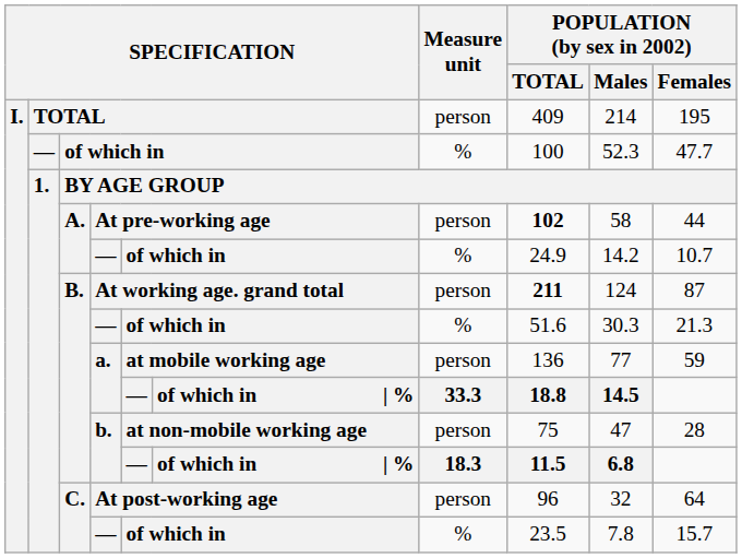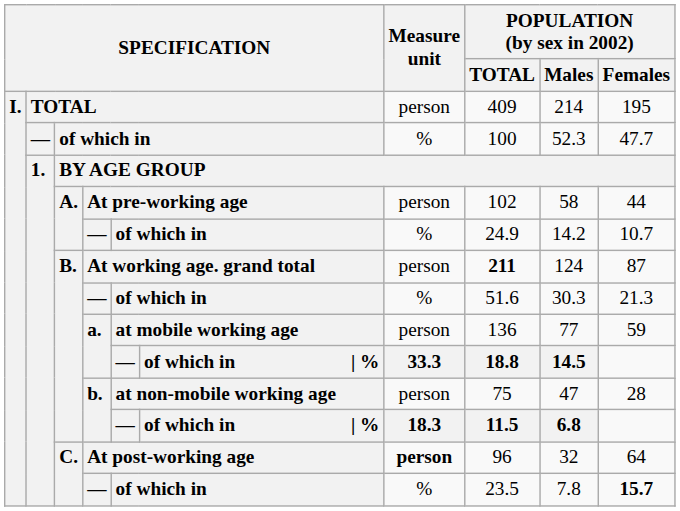 <table class="wikitable" style="font-size:85%; text-align:center">
 <tr>
 <th rowspan="2" colspan="6">SPECIFICATION</th>
 <th rowspan="2">Measure<br> unit</th>
 <th colspan="3" rowspan="1">POPULATION<br> (by sex in 2002)</th>
 </tr>
 <tr>
 <th>TOTAL</th>
 <th>Males</th>
 <th>Females</th>
 </tr>
 <tr>
 <th style="text-align:left" valign="top" rowspan="13">I.</th>
 <th style="text-align:left" colspan="5">TOTAL</th>
 <td>person</td>
 <td>409</td>
 <td>214</td>
 <td>195</td>
 </tr>
 <tr>
 <th style="text-align:left" valign="top">—</th>
 <th style="text-align:left" colspan="4">of which in</th>
 <td>%</td>
 <td>100</td>
 <td>52.3</td>
 <td>47.7</td>
 </tr>
 <tr>
 <th style="text-align:left" valign="top" rowspan="11">1.</th>
 <th style="text-align:left" colspan="19">BY AGE GROUP</th>
 </tr>
 <tr>
 <th style="text-align:left" valign="top" rowspan="2">A.</th>
 <th style="text-align:left" colspan="3">At pre-working age</th>
 <td>person</td>
-<td><strong>102</strong></td>
+<td>102</td>
 <td>58</td>
 <td>44</td>
 </tr>
 <tr>
 <th style="text-align:left" valign="top">—</th>
 <th style="text-align:left" valign="top" colspan="2">of which in</th>
 <td>%</td>
 <td>24.9</td>
 <td>14.2</td>
 <td>10.7</td>
 </tr>
 <tr>
 <th style="text-align:left" valign="top" rowspan="6">B.</th>
 <th style="text-align:left" colspan="3">At working age. grand total</th>
 <td>person</td>
 <td><strong>211</strong></td>
 <td>124</td>
 <td>87</td>
 </tr>
 <tr>
 <th style="text-align:left" valign="top">—</th>
 <th style="text-align:left" valign="top" colspan="2">of which in</th>
 <td>%</td>
 <td>51.6</td>
 <td>30.3</td>
 <td>21.3</td>
 </tr>
 <tr>
 <th style="text-align:left" valign="top" rowspan="2">a.</th>
 <th style="text-align:left" colspan="2">at mobile working age</th>
 <td>person</td>
 <td>136</td>
 <td>77</td>
 <td>59</td>
 </tr>
 <tr>
 <th style="text-align:left" valign="top">—</th>
 <th style="text-align:left" valign="top" colspan="1">of which in                        | %</th>
 <th>33.3</th>
 <th>18.8</th>
 <th>14.5</th>
 </tr>
 <tr>
 <th style="text-align:left" valign="top" rowspan="2">b.</th>
 <th style="text-align:left" colspan="2">at non-mobile working age</th>
 <td>person</td>
 <td>75</td>
 <td>47</td>
 <td>28</td>
 </tr>
 <tr>
 <th style="text-align:left" valign="top">—</th>
 <th style="text-align:left" valign="top" colspan="1">of which in                        | %</th>
 <th>18.3</th>
 <th>11.5</th>
 <th>6.8</th>
 </tr>
 <tr>
 <th style="text-align:left" valign="top" rowspan="2">C.</th>
 <th style="text-align:left" colspan="3">At post-working age</th>
-<td>person</td>
+<td><strong>person</strong></td>
 <td>96</td>
 <td>32</td>
 <td>64</td>
 </tr>
 <tr>
 <th style="text-align:left" valign="top">—</th>
 <th style="text-align:left" valign="top" colspan="2">of which in</th>
 <td>%</td>
 <td>23.5</td>
 <td>7.8</td>
-<td>15.7</td>
+<td><strong>15.7</strong></td>
 </tr>
 </table>
